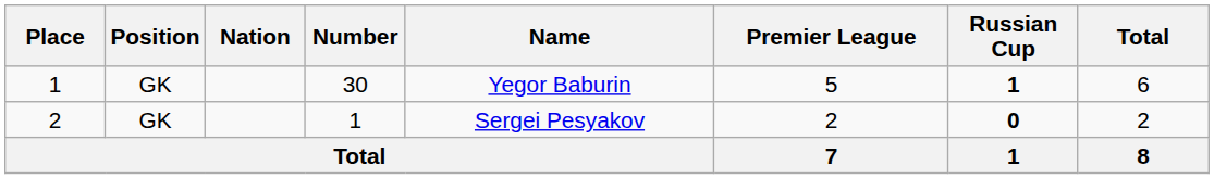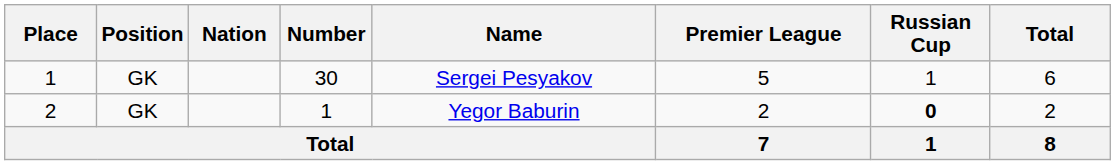 <table class="wikitable" style="font-size: 95%; text-align: center;">
 <tr>
 <th width=60>Place</th>
 <th width=60>Position</th>
 <th width=60>Nation</th>
 <th width=60>Number</th>
 <th width=200>Name</th>
 <th width=150>Premier League</th>
 <th width=80>Russian Cup</th>
 <th width=80>Total</th>
 </tr>
 <tr>
 <td>1</td>
 <td>GK</td>
 <td></td>
 <td>30</td>
-<td><a href='#'>Yegor Baburin</a></td>
+<td><a href='#'>Sergei Pesyakov</a></td>
 <td>5</td>
-<td><strong>1</strong></td>
+<td>1</td>
 <td>6</td>
 </tr>
 <tr>
 <td>2</td>
 <td>GK</td>
 <td></td>
 <td>1</td>
-<td><a href='#'>Sergei Pesyakov</a></td>
+<td><a href='#'>Yegor Baburin</a></td>
 <td>2</td>
 <td><strong>0</strong></td>
 <td>2</td>
 </tr>
 <tr>
 <th colspan=5>Total</th>
 <th>7</th>
 <th>1</th>
 <th>8</th>
 </tr>
 </table>
